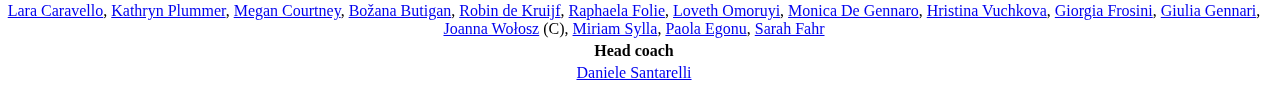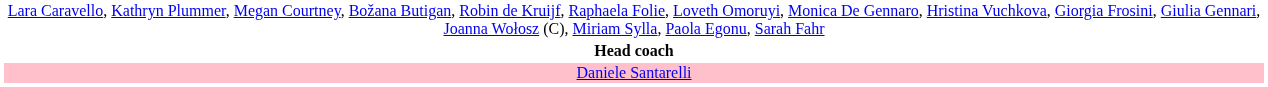 <table style="text-align: center; margin-top: 2em; margin-left: auto; margin-right: auto">
 <tr>
 <td><a href='#'>Lara Caravello</a>, <a href='#'>Kathryn Plummer</a>, <a href='#'>Megan Courtney</a>, <a href='#'>Božana Butigan</a>, <a href='#'>Robin de Kruijf</a>, <a href='#'>Raphaela Folie</a>, <a href='#'>Loveth Omoruyi</a>, <a href='#'>Monica De Gennaro</a>, <a href='#'>Hristina Vuchkova</a>, <a href='#'>Giorgia Frosini</a>, <a href='#'>Giulia Gennari</a>, <a href='#'>Joanna Wołosz</a> (C), <a href='#'>Miriam Sylla</a>, <a href='#'>Paola Egonu</a>, <a href='#'>Sarah Fahr</a></td>
 </tr>
 <tr>
 <td><strong>Head coach</strong></td>
 </tr>
 <tr>
-<td><a href='#'>Daniele Santarelli</a></td>
+<td style="background: pink;"><a href='#'>Daniele Santarelli</a></td>
 </tr>
 </table>
